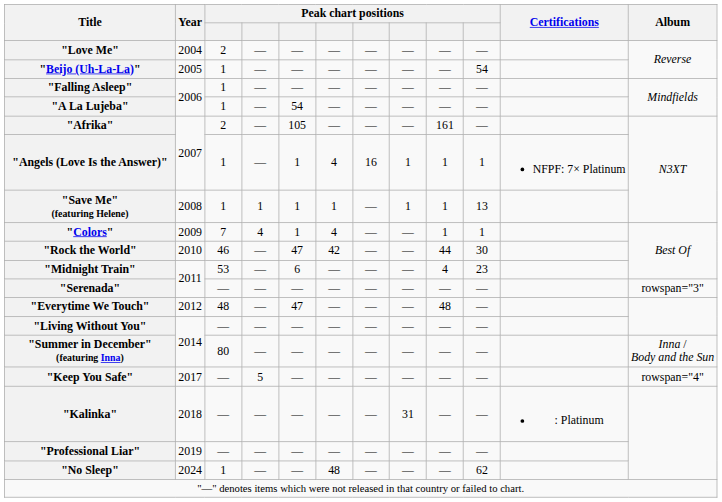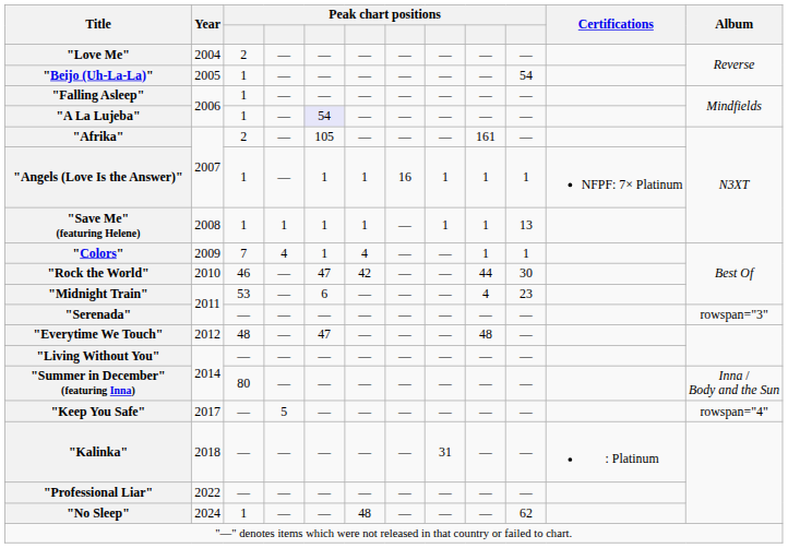 <table class="wikitable plainrowheaders" style="text-align:center;">
 <tr>
 <th scope="col" rowspan="2" style="width:14em;">Title</th>
 <th scope="col" rowspan="2">Year</th>
 <th scope="col" colspan="8">Peak chart positions</th>
 <th scope="col" rowspan="2"><a href='#'>Certifications</a></th>
 <th scope="col" rowspan="2">Album</th>
 </tr>
 <tr>
 <th scope="col" style="width:3em;font-size:90%;"><a href='#'></a><br></th>
 <th scope="col" style="width:3em;font-size:90%;"><a href='#'></a><br></th>
 <th scope="col" style="width:3em;font-size:90%;"><a href='#'></a><br></th>
 <th scope="col" style="width:3em;font-size:90%;"><a href='#'></a><br></th>
 <th scope="col" style="width:3em;font-size:90%;"><a href='#'></a><br></th>
 <th scope="col" style="width:3em;font-size:90%;"><a href='#'></a><br></th>
 <th scope="col" style="width:3em;font-size:90%;"><a href='#'></a><br></th>
 <th scope="col" style="width:3em;font-size:90%;"><a href='#'></a><br></th>
 </tr>
 <tr>
 <th scope="row">"Love Me"</th>
 <td>2004</td>
 <td>2</td>
 <td>—</td>
 <td>—</td>
 <td>—</td>
 <td>—</td>
 <td>—</td>
 <td>—</td>
 <td>—</td>
 <td></td>
 <td rowspan="2"><em>Reverse</em></td>
 </tr>
 <tr>
 <th scope="row">"<a href='#'>Beijo (Uh-La-La)</a>"</th>
 <td>2005</td>
 <td>1</td>
 <td>—</td>
 <td>—</td>
 <td>—</td>
 <td>—</td>
 <td>—</td>
 <td>—</td>
 <td>54</td>
 <td></td>
 </tr>
 <tr>
 <th scope="row">"Falling Asleep"</th>
 <td rowspan=2>2006</td>
 <td>1</td>
 <td>—</td>
 <td>—</td>
 <td>—</td>
 <td>—</td>
 <td>—</td>
 <td>—</td>
 <td>—</td>
 <td></td>
 <td rowspan="2"><em>Mindfields</em></td>
 </tr>
 <tr>
 <th scope="row">"A La Lujeba"</th>
 <td>1</td>
 <td>—</td>
-<td>54</td>
+<td style="background: lavender;">54</td>
 <td>—</td>
 <td>—</td>
 <td>—</td>
 <td>—</td>
 <td>—</td>
 <td></td>
 </tr>
 <tr>
 <th scope="row">"Afrika"</th>
 <td rowspan=2>2007</td>
 <td>2</td>
 <td>—</td>
 <td>105</td>
 <td>—</td>
 <td>—</td>
 <td>—</td>
 <td>161</td>
 <td>—</td>
 <td></td>
 <td rowspan="3"><em>N3XT</em></td>
 </tr>
 <tr>
 <th scope="row">"Angels (Love Is the Answer)"</th>
 <td>1</td>
 <td>—</td>
 <td>1</td>
-<td>4</td>
+<td>1</td>
 <td>16</td>
 <td>1</td>
 <td>1</td>
 <td>1</td>
 <td><br><ul><li>NFPF: 7× Platinum</li></ul></td>
 </tr>
 <tr>
 <th scope="row">"Save Me"<br><small>(featuring Helene)</small></th>
 <td>2008</td>
 <td>1</td>
 <td>1</td>
 <td>1</td>
 <td>1</td>
 <td>—</td>
 <td>1</td>
 <td>1</td>
 <td>13</td>
 <td></td>
 </tr>
 <tr>
 <th scope="row">"<a href='#'>Сolors</a>"</th>
 <td>2009</td>
 <td>7</td>
 <td>4</td>
 <td>1</td>
 <td>4</td>
 <td>—</td>
 <td>—</td>
 <td>1</td>
 <td>1</td>
 <td></td>
 <td rowspan="3"><em>Best Of</em></td>
 </tr>
 <tr>
 <th scope="row">"Rock the World"</th>
 <td>2010</td>
 <td>46</td>
 <td>—</td>
 <td>47</td>
 <td>42</td>
 <td>—</td>
 <td>—</td>
 <td>44</td>
 <td>30</td>
 <td></td>
 </tr>
 <tr>
 <th scope="row">"Midnight Train"</th>
 <td rowspan=2>2011</td>
 <td>53</td>
 <td>—</td>
 <td>6</td>
 <td>—</td>
 <td>—</td>
 <td>—</td>
 <td>4</td>
 <td>23</td>
 <td></td>
 </tr>
 <tr>
 <th scope="row">"Serenada"</th>
 <td>—</td>
 <td>—</td>
 <td>—</td>
 <td>—</td>
 <td>—</td>
 <td>—</td>
 <td>—</td>
 <td>—</td>
 <td></td>
 <td>rowspan="3" </td>
 </tr>
 <tr>
 <th scope="row">"Everytime We Touch"</th>
 <td>2012</td>
 <td>48</td>
 <td>—</td>
 <td>47</td>
 <td>—</td>
 <td>—</td>
 <td>—</td>
 <td>48</td>
 <td>—</td>
 <td></td>
 </tr>
 <tr>
 <th scope="row">"Living Without You"</th>
 <td rowspan=2>2014</td>
 <td>—</td>
 <td>—</td>
 <td>—</td>
 <td>—</td>
 <td>—</td>
 <td>—</td>
 <td>—</td>
 <td>—</td>
 <td></td>
 </tr>
 <tr>
 <th scope="row">"Summer in December"<br><small>(featuring <a href='#'>Inna</a>)</small></th>
 <td>80</td>
 <td>—</td>
 <td>—</td>
 <td>—</td>
 <td>—</td>
 <td>—</td>
 <td>—</td>
 <td>—</td>
 <td></td>
 <td><em>Inna</em> /<br><em>Body and the Sun</em></td>
 </tr>
 <tr>
 <th scope="row">"Keep You Safe"</th>
 <td>2017</td>
 <td>—</td>
 <td>5</td>
 <td>—</td>
 <td>—</td>
 <td>—</td>
 <td>—</td>
 <td>—</td>
 <td>—</td>
 <td></td>
 <td>rowspan="4" </td>
 </tr>
 <tr>
 <th scope="row">"Kalinka"</th>
 <td>2018</td>
 <td>—</td>
 <td>—</td>
 <td>—</td>
 <td>—</td>
 <td>—</td>
 <td>31</td>
 <td>—</td>
 <td>—</td>
 <td><br><ul><li><a href='#'></a>: Platinum</li></ul></td>
 </tr>
 <tr>
 <th scope="row">"Professional Liar"</th>
-<td>2019</td>
+<td>2022</td>
 <td>—</td>
 <td>—</td>
 <td>—</td>
 <td>—</td>
 <td>—</td>
 <td>—</td>
 <td>—</td>
 <td>—</td>
 <td></td>
 </tr>
 <tr>
 <th scope="row">"No Sleep"<br></th>
 <td>2024</td>
 <td>1</td>
 <td>—</td>
 <td>—</td>
 <td>48</td>
 <td>—</td>
 <td>—</td>
 <td>—</td>
 <td>62</td>
 <td></td>
 </tr>
 <tr>
 <td colspan="12" align="center" style="font-size:90%;">"—" denotes items which were not released in that country or failed to chart.</td>
 </tr>
 </table>
